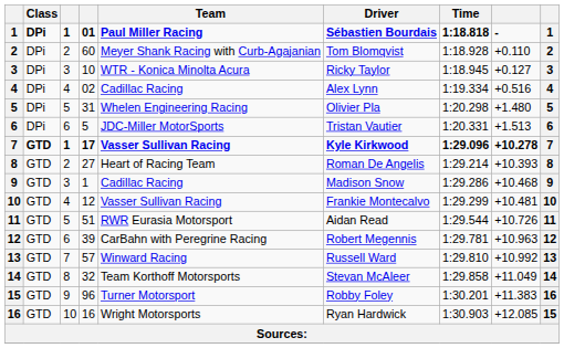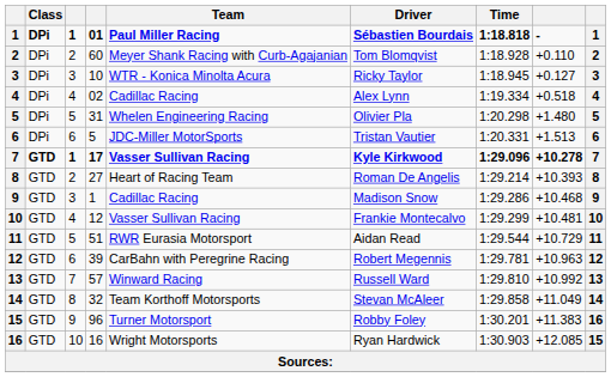 <table class="wikitable">
 <tr>
 <th scope="col"></th>
 <th scope="col">Class</th>
 <th scope="col"></th>
 <th scope="col"></th>
 <th scope="col">Team</th>
 <th scope="col">Driver</th>
 <th scope="col">Time</th>
 <th scope="col"></th>
 <th scope="col"></th>
 </tr>
 <tr style="font-weight:bold">
 <th scope="row">1</th>
 <td>DPi</td>
 <td>1</td>
 <td>01</td>
 <td> <a href='#'>Paul Miller Racing</a></td>
 <td> <a href='#'>Sébastien Bourdais</a></td>
 <td>1:18.818</td>
 <td>-</td>
 <th><strong>1</strong></th>
 </tr>
 <tr>
 <th scope="row">2</th>
 <td>DPi</td>
 <td>2</td>
 <td>60</td>
 <td> <a href='#'>Meyer Shank Racing</a> with <a href='#'>Curb-Agajanian</a></td>
 <td> <a href='#'>Tom Blomqvist</a></td>
 <td>1:18.928</td>
 <td>+0.110</td>
 <th>2</th>
 </tr>
 <tr>
 <th scope="row">3</th>
 <td>DPi</td>
 <td>3</td>
 <td>10</td>
 <td> <a href='#'>WTR - Konica Minolta Acura</a></td>
 <td> <a href='#'>Ricky Taylor</a></td>
 <td>1:18.945</td>
 <td>+0.127</td>
 <th>3</th>
 </tr>
 <tr>
 <th scope="row">4</th>
 <td>DPi</td>
 <td>4</td>
 <td>02</td>
 <td> <a href='#'>Cadillac Racing</a></td>
 <td> <a href='#'>Alex Lynn</a></td>
 <td>1:19.334</td>
-<td>+0.516</td>
+<td>+0.518</td>
 <th>4</th>
 </tr>
 <tr>
 <th scope="row">5</th>
 <td>DPi</td>
 <td>5</td>
 <td>31</td>
 <td> <a href='#'>Whelen Engineering Racing</a></td>
 <td> <a href='#'>Olivier Pla</a></td>
 <td>1:20.298</td>
 <td>+1.480</td>
 <th>5</th>
 </tr>
 <tr>
 <th scope="row">6</th>
 <td>DPi</td>
 <td>6</td>
 <td>5</td>
 <td> <a href='#'>JDC-Miller MotorSports</a></td>
 <td> <a href='#'>Tristan Vautier</a></td>
 <td>1:20.331</td>
 <td>+1.513</td>
 <th>6</th>
 </tr>
 <tr style="font-weight:bold">
 <th scope="row">7</th>
 <td>GTD</td>
 <td>1</td>
 <td>17</td>
 <td> <a href='#'>Vasser Sullivan Racing</a></td>
 <td> <a href='#'>Kyle Kirkwood</a></td>
 <td>1:29.096</td>
 <td>+10.278</td>
 <th>7</th>
 </tr>
 <tr>
 <th scope="row">8</th>
 <td>GTD</td>
 <td>2</td>
 <td>27</td>
 <td> Heart of Racing Team</td>
 <td> <a href='#'>Roman De Angelis</a></td>
 <td>1:29.214</td>
 <td>+10.393</td>
 <th>8</th>
 </tr>
 <tr>
 <th scope="row">9</th>
 <td>GTD</td>
 <td>3</td>
 <td>1</td>
 <td> <a href='#'>Cadillac Racing</a></td>
 <td> <a href='#'>Madison Snow</a></td>
 <td>1:29.286</td>
 <td>+10.468</td>
 <th>9</th>
 </tr>
 <tr>
 <th scope="row">10</th>
 <td>GTD</td>
 <td>4</td>
 <td>12</td>
 <td> <a href='#'>Vasser Sullivan Racing</a></td>
 <td> <a href='#'>Frankie Montecalvo</a></td>
 <td>1:29.299</td>
 <td>+10.481</td>
 <th>10</th>
 </tr>
 <tr>
 <th scope="row">11</th>
 <td>GTD</td>
 <td>5</td>
 <td>51</td>
 <td> <a href='#'>RWR</a> Eurasia Motorsport</td>
 <td> Aidan Read</td>
 <td>1:29.544</td>
-<td>+10.726</td>
+<td>+10.729</td>
 <th>11</th>
 </tr>
 <tr>
 <th scope="row">12</th>
 <td>GTD</td>
 <td>6</td>
 <td>39</td>
 <td> CarBahn with Peregrine Racing</td>
 <td> <a href='#'>Robert Megennis</a></td>
 <td>1:29.781</td>
 <td>+10.963</td>
 <th>12</th>
 </tr>
 <tr>
 <th scope="row">13</th>
 <td>GTD</td>
 <td>7</td>
 <td>57</td>
 <td> <a href='#'>Winward Racing</a></td>
 <td> <a href='#'>Russell Ward</a></td>
 <td>1:29.810</td>
 <td>+10.992</td>
 <th>13</th>
 </tr>
 <tr>
 <th scope="row">14</th>
 <td>GTD</td>
 <td>8</td>
 <td>32</td>
 <td> Team Korthoff Motorsports</td>
 <td> <a href='#'>Stevan McAleer</a></td>
 <td>1:29.858</td>
 <td>+11.049</td>
 <th>14</th>
 </tr>
 <tr>
 <th scope="row">15</th>
 <td>GTD</td>
 <td>9</td>
 <td>96</td>
 <td> <a href='#'>Turner Motorsport</a></td>
 <td> <a href='#'>Robby Foley</a></td>
 <td>1:30.201</td>
 <td>+11.383</td>
 <th>16</th>
 </tr>
 <tr>
 <th scope="row">16</th>
 <td>GTD</td>
 <td>10</td>
 <td>16</td>
 <td> Wright Motorsports</td>
 <td> Ryan Hardwick</td>
 <td>1:30.903</td>
 <td>+12.085</td>
 <th>15</th>
 </tr>
 <tr>
 <th colspan=9>Sources:</th>
 </tr>
 <tr>
 </tr>
 </table>
